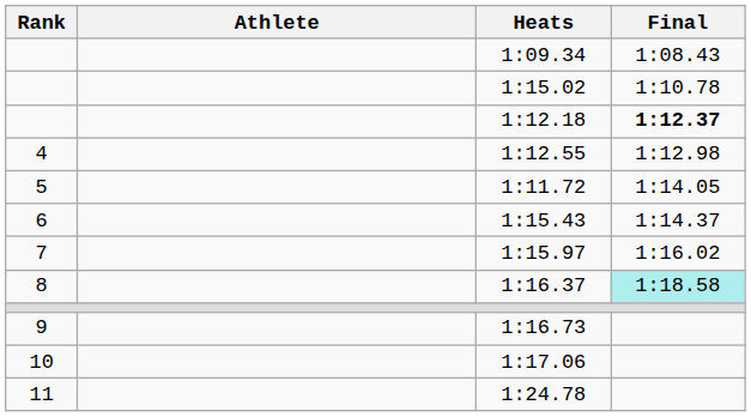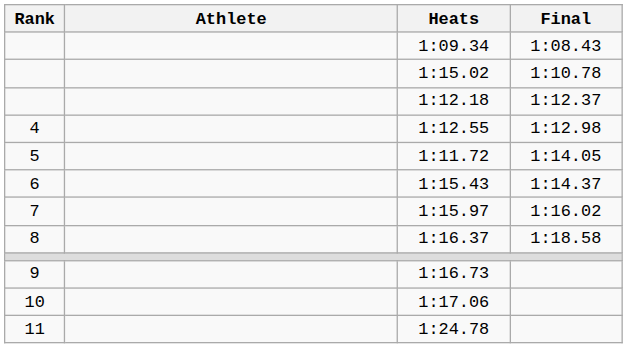 <table class=wikitable style="text-align:center">
 <tr>
 <th width=40>Rank</th>
 <th width=250>Athlete</th>
 <th width=80>Heats</th>
 <th width=80>Final</th>
 </tr>
 <tr>
 <td></td>
 <td align=left></td>
 <td>1:09.34</td>
 <td>1:08.43</td>
 </tr>
 <tr>
 <td></td>
 <td align=left></td>
 <td>1:15.02</td>
 <td>1:10.78</td>
 </tr>
 <tr>
 <td></td>
 <td align=left></td>
 <td>1:12.18</td>
-<td><strong>1:12.37</strong></td>
+<td>1:12.37</td>
 </tr>
 <tr>
 <td>4</td>
 <td align=left></td>
 <td>1:12.55</td>
 <td>1:12.98</td>
 </tr>
 <tr>
 <td>5</td>
 <td align=left></td>
 <td>1:11.72</td>
 <td>1:14.05</td>
 </tr>
 <tr>
 <td>6</td>
 <td align=left></td>
 <td>1:15.43</td>
 <td>1:14.37</td>
 </tr>
 <tr>
 <td>7</td>
 <td align=left></td>
 <td>1:15.97</td>
 <td>1:16.02</td>
 </tr>
 <tr>
 <td>8</td>
 <td align=left></td>
 <td>1:16.37</td>
-<td style="background: paleturquoise;">1:18.58</td>
+<td>1:18.58</td>
 </tr>
 <tr bgcolor=#DDDDDD>
 <td colspan=4></td>
 </tr>
 <tr>
 <td>9</td>
 <td align=left></td>
 <td>1:16.73</td>
 <td></td>
 </tr>
 <tr>
 <td>10</td>
 <td align=left></td>
 <td>1:17.06</td>
 <td></td>
 </tr>
 <tr>
 <td>11</td>
 <td align=left></td>
 <td>1:24.78</td>
 <td></td>
 </tr>
 </table>
